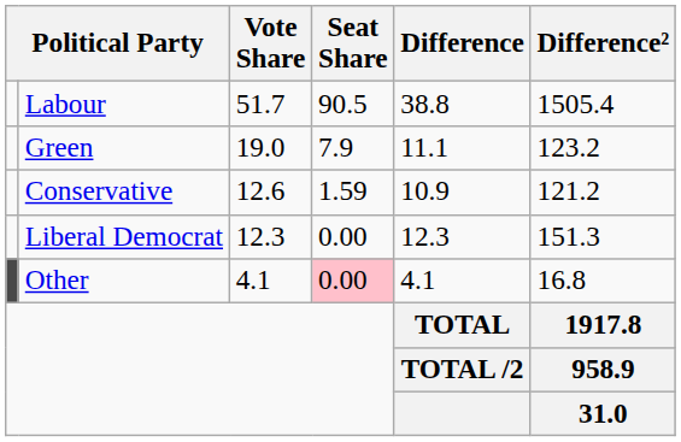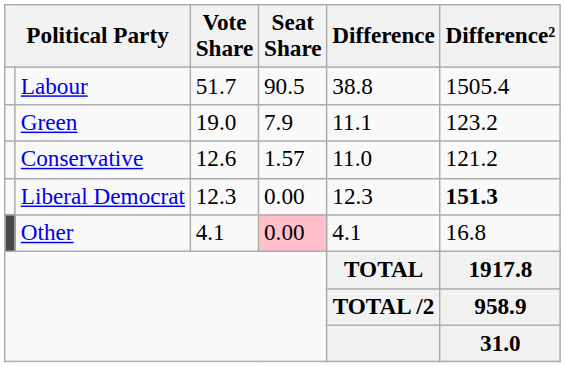 <table class="wikitable">
 <tr>
 <th colspan="2">Political Party</th>
 <th>Vote<br>Share</th>
 <th>Seat<br>Share</th>
 <th>Difference</th>
 <th>Difference²</th>
 </tr>
 <tr>
 <td style="background:"></td>
 <td><a href='#'>Labour</a></td>
 <td>51.7</td>
 <td>90.5</td>
 <td>38.8</td>
 <td>1505.4</td>
 </tr>
 <tr>
 <td style="background:"></td>
 <td><a href='#'>Green</a></td>
 <td>19.0</td>
 <td>7.9</td>
 <td>11.1</td>
 <td>123.2</td>
 </tr>
 <tr>
 <td style="background:"></td>
 <td><a href='#'>Conservative</a></td>
 <td>12.6</td>
-<td>1.59</td>
-<td>10.9</td>
+<td>1.57</td>
+<td>11.0</td>
 <td>121.2</td>
 </tr>
 <tr>
 <td style="background:"></td>
 <td><a href='#'>Liberal Democrat</a></td>
 <td>12.3</td>
 <td>0.00</td>
 <td>12.3</td>
-<td>151.3</td>
+<td><strong>151.3</strong></td>
 </tr>
 <tr>
 <td style="background:#484848"></td>
 <td><a href='#'>Other</a></td>
 <td>4.1</td>
 <td style="background: pink;">0.00</td>
 <td>4.1</td>
 <td>16.8</td>
 </tr>
 <tr>
 <td colspan="4" rowspan="3"></td>
 <th>TOTAL</th>
 <th>1917.8</th>
 </tr>
 <tr>
 <th>TOTAL /2</th>
 <th>958.9</th>
 </tr>
 <tr>
 <th></th>
 <th><strong>31.0</strong></th>
 </tr>
 </table>
